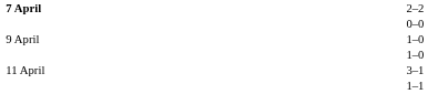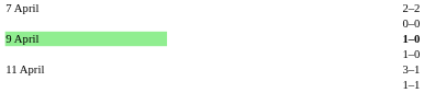 <table cellspacing=1 width=70%>
 <tr>
 <th width=25%></th>
 <th width=30%></th>
 <th width=15%></th>
 <th width=30%></th>
 </tr>
 <tr>
-<td><strong>7 April</strong></td>
+<td>7 April</td>
 <td align=right></td>
 <td align=center>2–2</td>
 <td></td>
 </tr>
 <tr>
 <td></td>
 <td align=right></td>
 <td align=center>0–0</td>
 <td></td>
 </tr>
 <tr>
-<td>9 April</td>
+<td style="background: lightgreen;">9 April</td>
 <td align=right></td>
-<td align=center>1–0</td>
+<td align=center><strong>1–0</strong></td>
 <td></td>
 </tr>
 <tr>
 <td></td>
 <td align=right></td>
 <td align=center>1–0</td>
 <td></td>
 </tr>
 <tr>
 <td>11 April</td>
 <td align=right></td>
 <td align=center>3–1</td>
 <td></td>
 </tr>
 <tr>
 <td></td>
 <td align=right></td>
 <td align=center>1–1</td>
 <td></td>
 </tr>
 </table>
